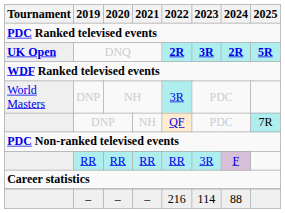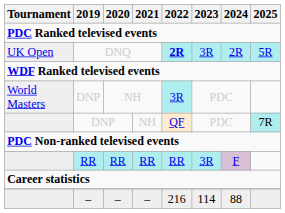 <table class="wikitable" style="width:20%; margin:0">
 <tr>
 <th>Tournament</th>
 <th>2019</th>
 <th>2020</th>
 <th>2021</th>
 <th>2022</th>
 <th>2023</th>
 <th>2024</th>
 <th>2025</th>
 </tr>
 <tr>
 <td colspan="10" style="text-align:left"><strong><a href='#'>PDC</a> Ranked televised events</strong></td>
 </tr>
 <tr>
-<td style="background:#efefef;"><strong><a href='#'>UK Open</a></strong></td>
+<td style="background:#efefef;"><a href='#'>UK Open</a></td>
 <td colspan="3" style="text-align:center; color:#ccc;">DNQ</td>
 <td style="text-align:center; background:#afeeee;"><strong><a href='#'>2R</a></strong></td>
-<td style="text-align:center; background:#afeeee;"><strong><a href='#'>3R</a></strong></td>
-<td style="text-align:center; background:#afeeee;"><strong><a href='#'>2R</a></strong></td>
-<td style="text-align:center; background:#afeeee;"><strong><a href='#'>5R</a></strong></td>
+<td style="text-align:center; background:#afeeee;"><a href='#'>3R</a></td>
+<td style="text-align:center; background:#afeeee;"><a href='#'>2R</a></td>
+<td style="text-align:center; background:#afeeee;"><a href='#'>5R</a></td>
 </tr>
 <tr>
 <td colspan="10" style="text-align:left"><strong><a href='#'>WDF</a> Ranked televised events</strong></td>
 </tr>
 <tr>
 <td style="background:#efefef;"><a href='#'>World Masters</a></td>
 <td style="text-align:center; color:#ccc;">DNP</td>
 <td colspan="2" style="text-align:center; color:#ccc;">NH</td>
 <td style="text-align:center; background:#afeeee;"><a href='#'>3R</a></td>
 <td colspan="2" style="text-align:center; color:#ccc;">PDC</td>
 <td></td>
 </tr>
 <tr>
 <td style="background:#efefef;"></td>
 <td colspan="2" style="text-align:center; color:#ccc;">DNP</td>
 <td style="text-align:center; color:#ccc;">NH</td>
 <td style="text-align:center; background:#ffebcd;"><a href='#'>QF</a></td>
 <td colspan="2" style="text-align:center; color:#ccc;">PDC</td>
 <td style="text-align:center; background:#afeeee;">7R</td>
 </tr>
 <tr>
 <td colspan="10" style="text-align:left"><strong><a href='#'>PDC</a> Non-ranked televised events</strong></td>
 </tr>
 <tr>
 <td style="background:#efefef;"></td>
 <td style="text-align:center; background:#afeeee;"><a href='#'>RR</a></td>
 <td style="text-align:center; background:#afeeee;"><a href='#'>RR</a></td>
 <td style="text-align:center; background:#afeeee;"><a href='#'>RR</a></td>
 <td style="text-align:center; background:#afeeee;"><a href='#'>RR</a></td>
 <td style="text-align:center; background:#afeeee;"><a href='#'>3R</a></td>
 <td style="text-align:center; background:#D8BFD8;"><a href='#'>F</a></td>
 <td></td>
 </tr>
 <tr>
 <td colspan="10" style="text-align:left"><strong>Career statistics</strong></td>
 </tr>
 <tr>
 </tr>
 <tr style="background:#efefef">
 <td style="text-align:left"><strong></strong></td>
 <td style="text-align:center;">–</td>
 <td style="text-align:center;">–</td>
 <td style="text-align:center;">–</td>
 <td style="text-align:center;">216</td>
 <td style="text-align:center;">114</td>
 <td style="text-align:center;">88</td>
 <td></td>
 </tr>
 </table>
